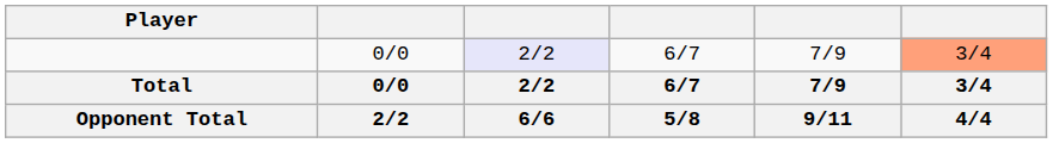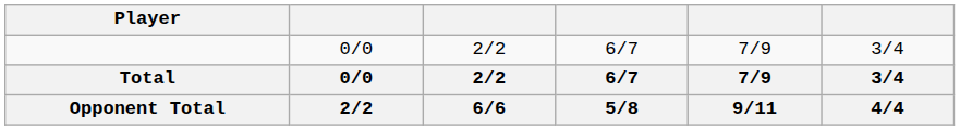 <table class="wikitable sortable" style="text-align:center; width:50%; font-size:95%;">
 <tr>
 <th width="30%">Player</th>
 <th width="14%"></th>
 <th width="14%"></th>
 <th width="14%"></th>
 <th width="14%"></th>
 <th width="14%"></th>
 </tr>
 <tr>
 <td align=left></td>
 <td>0/0</td>
-<td style="background: lavender;">2/2</td>
+<td>2/2</td>
 <td>6/7</td>
 <td>7/9</td>
-<td style="background: lightsalmon;">3/4</td>
+<td>3/4</td>
 </tr>
 <tr>
 <th>Total</th>
 <th>0/0</th>
 <th>2/2</th>
 <th>6/7</th>
 <th>7/9</th>
 <th>3/4</th>
 </tr>
 <tr>
 <th>Opponent Total</th>
 <th>2/2</th>
 <th>6/6</th>
 <th>5/8</th>
 <th>9/11</th>
 <th>4/4</th>
 </tr>
 </table>
